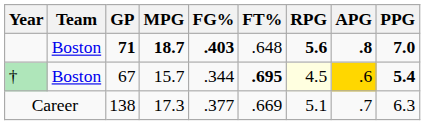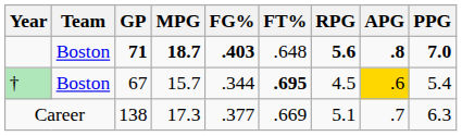 <table class="wikitable sortable" style="font-size:95%; text-align:right;">
 <tr>
 <th>Year</th>
 <th>Team</th>
 <th>GP</th>
 <th>MPG</th>
 <th>FG%</th>
 <th>FT%</th>
 <th>RPG</th>
 <th>APG</th>
 <th>PPG</th>
 </tr>
 <tr>
 <td style="text-align:left;"></td>
 <td style="text-align:left;"><a href='#'>Boston</a></td>
 <td><strong>71</strong></td>
 <td><strong>18.7</strong></td>
 <td><strong>.403</strong></td>
 <td>.648</td>
 <td><strong>5.6</strong></td>
 <td><strong>.8</strong></td>
 <td><strong>7.0</strong></td>
 </tr>
 <tr>
 <td style="text-align:left;background:#afe6ba;">†</td>
 <td style="text-align:left;"><a href='#'>Boston</a></td>
 <td>67</td>
 <td>15.7</td>
 <td>.344</td>
 <td><strong>.695</strong></td>
-<td style="background: lightyellow;">4.5</td>
+<td>4.5</td>
 <td style="background: gold;">.6</td>
-<td><strong>5.4</strong></td>
+<td>5.4</td>
 </tr>
 <tr class="sortbottom">
 <td style="text-align:center;" colspan="2">Career</td>
 <td>138</td>
 <td>17.3</td>
 <td>.377</td>
 <td>.669</td>
 <td>5.1</td>
 <td>.7</td>
 <td>6.3</td>
 </tr>
 </table>
